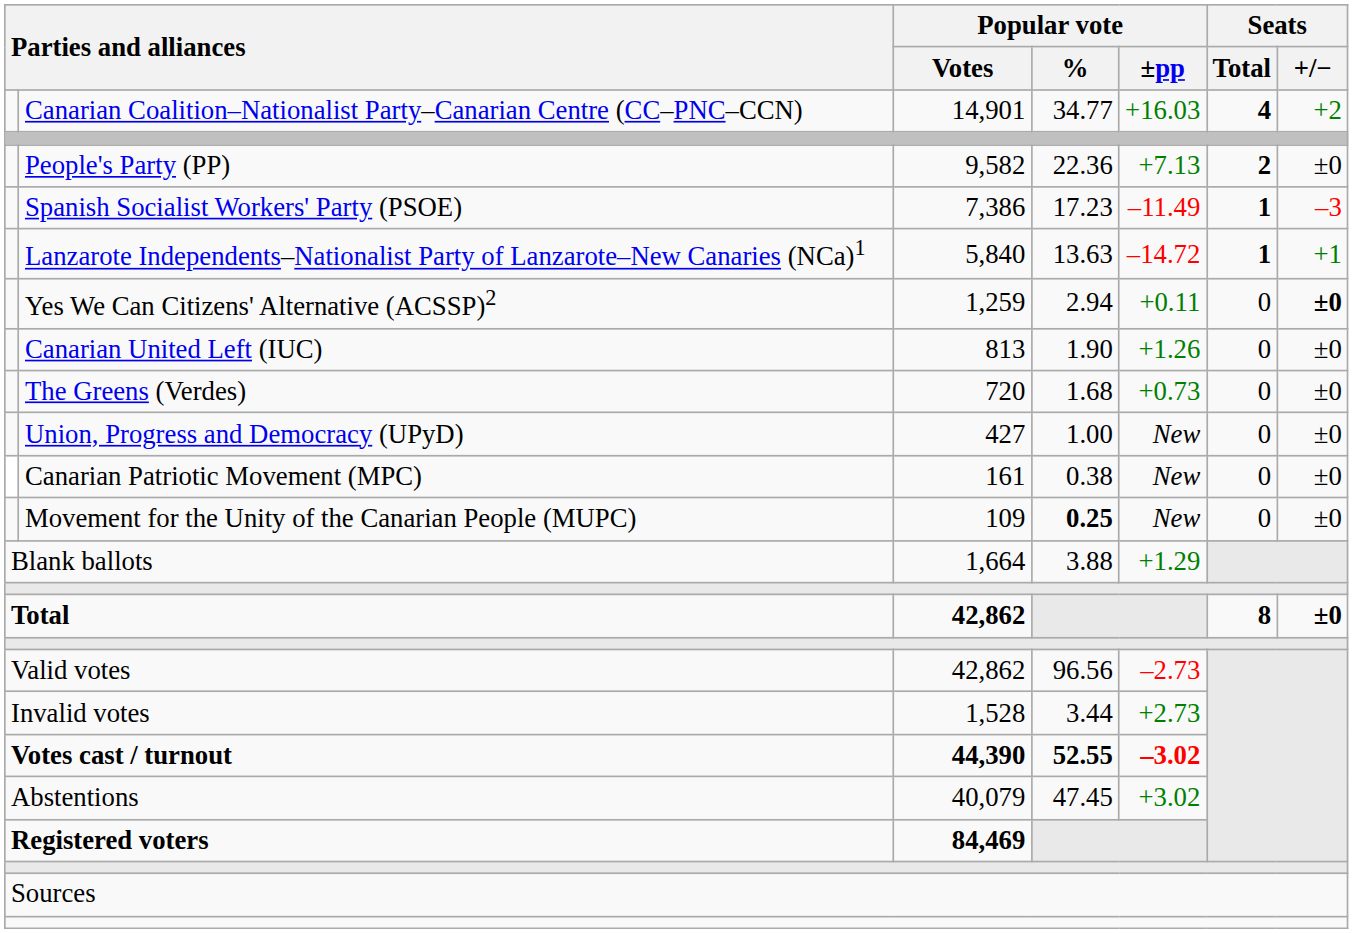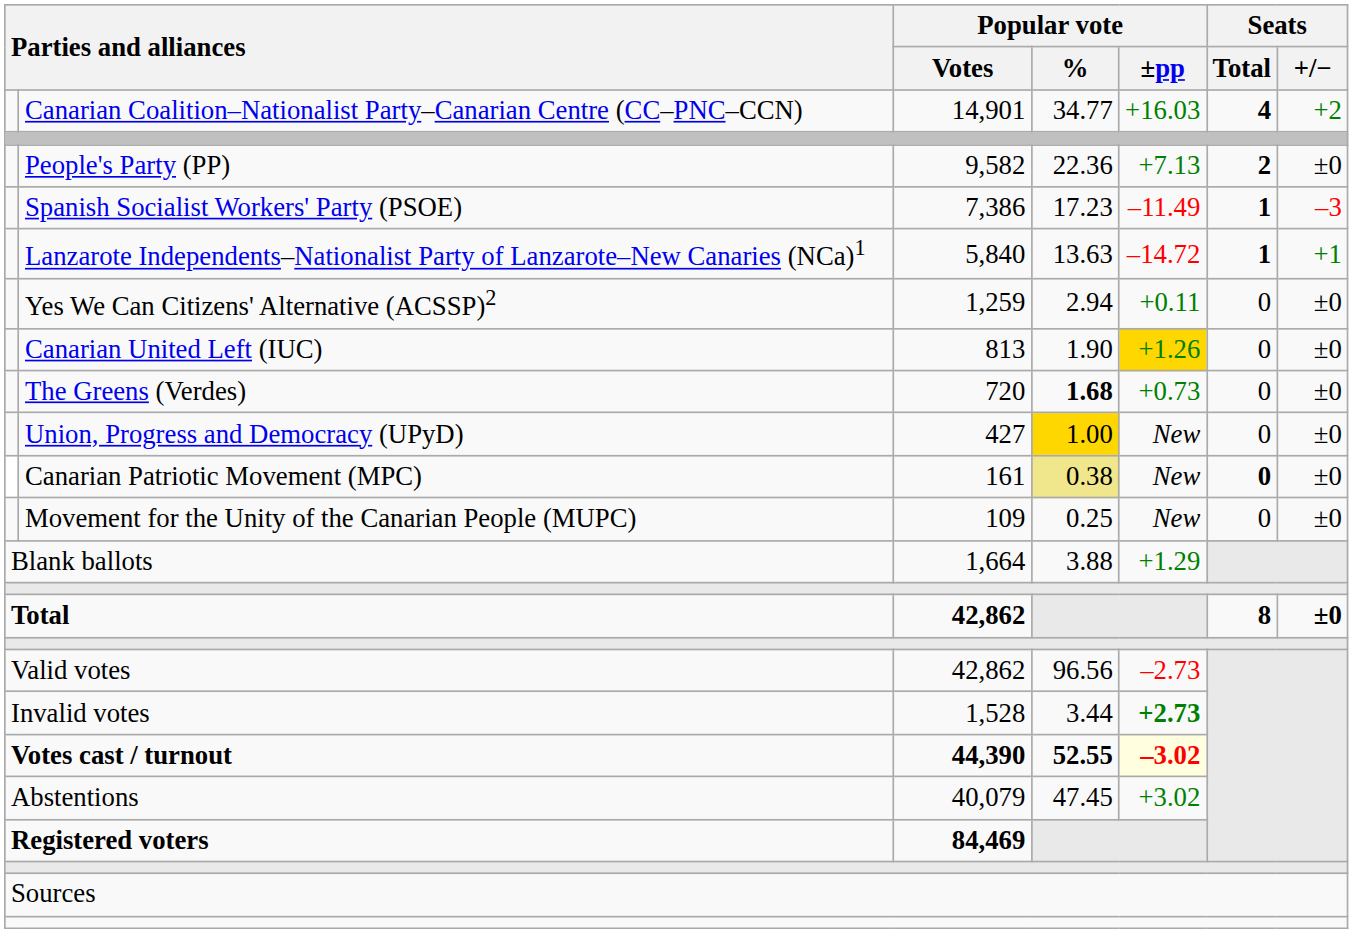 <table class="wikitable" style="text-align:right;">
 <tr>
 <th style="text-align:left;" rowspan="2" colspan="2" width="525">Parties and alliances</th>
 <th colspan="3">Popular vote</th>
 <th colspan="2">Seats</th>
 </tr>
 <tr>
 <th width="75">Votes</th>
 <th width="45">%</th>
 <th width="45">±<a href='#'>pp</a></th>
 <th width="35">Total</th>
 <th width="35">+/−</th>
 </tr>
 <tr>
 <td width="1" style="color:inherit;background:"></td>
 <td align="left"><a href='#'>Canarian Coalition–Nationalist Party</a>–<a href='#'>Canarian Centre</a> (<a href='#'>CC</a>–<a href='#'>PNC</a>–CCN)</td>
 <td>14,901</td>
 <td>34.77</td>
 <td style="color:green;">+16.03</td>
 <td><strong>4</strong></td>
 <td style="color:green;">+2</td>
 </tr>
 <tr>
 <td colspan="7" bgcolor="#C0C0C0"></td>
 </tr>
 <tr>
 <td style="color:inherit;background:"></td>
 <td align="left"><a href='#'>People's Party</a> (PP)</td>
 <td>9,582</td>
 <td>22.36</td>
 <td style="color:green;">+7.13</td>
 <td><strong>2</strong></td>
 <td>±0</td>
 </tr>
 <tr>
 <td style="color:inherit;background:"></td>
 <td align="left"><a href='#'>Spanish Socialist Workers' Party</a> (PSOE)</td>
 <td>7,386</td>
 <td>17.23</td>
 <td style="color:red;">–11.49</td>
 <td><strong>1</strong></td>
 <td style="color:red;">–3</td>
 </tr>
 <tr>
 <td style="color:inherit;background:"></td>
 <td align="left"><a href='#'>Lanzarote Independents</a>–<a href='#'>Nationalist Party of Lanzarote–New Canaries</a> (NCa)<sup>1</sup></td>
 <td>5,840</td>
 <td>13.63</td>
 <td style="color:red;">–14.72</td>
 <td><strong>1</strong></td>
 <td style="color:green;">+1</td>
 </tr>
 <tr>
 <td style="color:inherit;background:"></td>
 <td align="left">Yes We Can Citizens' Alternative (ACSSP)<sup>2</sup></td>
 <td>1,259</td>
 <td>2.94</td>
 <td style="color:green;">+0.11</td>
 <td>0</td>
-<td><strong>±0</strong></td>
+<td>±0</td>
 </tr>
 <tr>
 <td style="color:inherit;background:"></td>
 <td align="left"><a href='#'>Canarian United Left</a> (IUC)</td>
 <td>813</td>
 <td>1.90</td>
-<td style="color:green;">+1.26</td>
+<td style="background: gold; color:green;">+1.26</td>
 <td>0</td>
 <td>±0</td>
 </tr>
 <tr>
 <td style="color:inherit;background:"></td>
 <td align="left"><a href='#'>The Greens</a> (Verdes)</td>
 <td>720</td>
-<td>1.68</td>
+<td><strong>1.68</strong></td>
 <td style="color:green;">+0.73</td>
 <td>0</td>
 <td>±0</td>
 </tr>
 <tr>
 <td style="color:inherit;background:"></td>
 <td align="left"><a href='#'>Union, Progress and Democracy</a> (UPyD)</td>
 <td>427</td>
-<td>1.00</td>
+<td style="background: gold;">1.00</td>
 <td><em>New</em></td>
 <td>0</td>
 <td>±0</td>
 </tr>
 <tr>
 <td bgcolor="white"></td>
 <td align="left">Canarian Patriotic Movement (MPC)</td>
 <td>161</td>
-<td>0.38</td>
+<td style="background: khaki;">0.38</td>
 <td><em>New</em></td>
-<td>0</td>
+<td><strong>0</strong></td>
 <td>±0</td>
 </tr>
 <tr>
 <td style="color:inherit;background:"></td>
 <td align="left">Movement for the Unity of the Canarian People (MUPC)</td>
 <td>109</td>
-<td><strong>0.25</strong></td>
+<td>0.25</td>
 <td><em>New</em></td>
 <td>0</td>
 <td>±0</td>
 </tr>
 <tr>
 <td align="left" colspan="2">Blank ballots</td>
 <td>1,664</td>
 <td>3.88</td>
 <td style="color:green;">+1.29</td>
 <td bgcolor="#E9E9E9" colspan="2"></td>
 </tr>
 <tr>
 <td colspan="7" bgcolor="#E9E9E9"></td>
 </tr>
 <tr style="font-weight:bold;">
 <td align="left" colspan="2">Total</td>
 <td>42,862</td>
 <td bgcolor="#E9E9E9" colspan="2"></td>
 <td>8</td>
 <td>±0</td>
 </tr>
 <tr>
 <td colspan="7" bgcolor="#E9E9E9"></td>
 </tr>
 <tr>
 <td align="left" colspan="2">Valid votes</td>
 <td>42,862</td>
 <td>96.56</td>
 <td style="color:red;">–2.73</td>
 <td bgcolor="#E9E9E9" colspan="2" rowspan="5"></td>
 </tr>
 <tr>
 <td align="left" colspan="2">Invalid votes</td>
 <td>1,528</td>
 <td>3.44</td>
-<td style="color:green;">+2.73</td>
+<td style="color:green;"><strong>+2.73</strong></td>
 </tr>
 <tr style="font-weight:bold;">
 <td align="left" colspan="2">Votes cast / turnout</td>
 <td>44,390</td>
 <td>52.55</td>
-<td style="color:red;">–3.02</td>
+<td style="background: lightyellow; color:red;">–3.02</td>
 </tr>
 <tr>
 <td align="left" colspan="2">Abstentions</td>
 <td>40,079</td>
 <td>47.45</td>
 <td style="color:green;">+3.02</td>
 </tr>
 <tr style="font-weight:bold;">
 <td align="left" colspan="2">Registered voters</td>
 <td>84,469</td>
 <td bgcolor="#E9E9E9" colspan="2"></td>
 </tr>
 <tr>
 <td colspan="7" bgcolor="#E9E9E9"></td>
 </tr>
 <tr>
 <td align="left" colspan="7">Sources</td>
 </tr>
 <tr>
 <td colspan="7" style="text-align:left; max-width:790px;"></td>
 </tr>
 </table>
